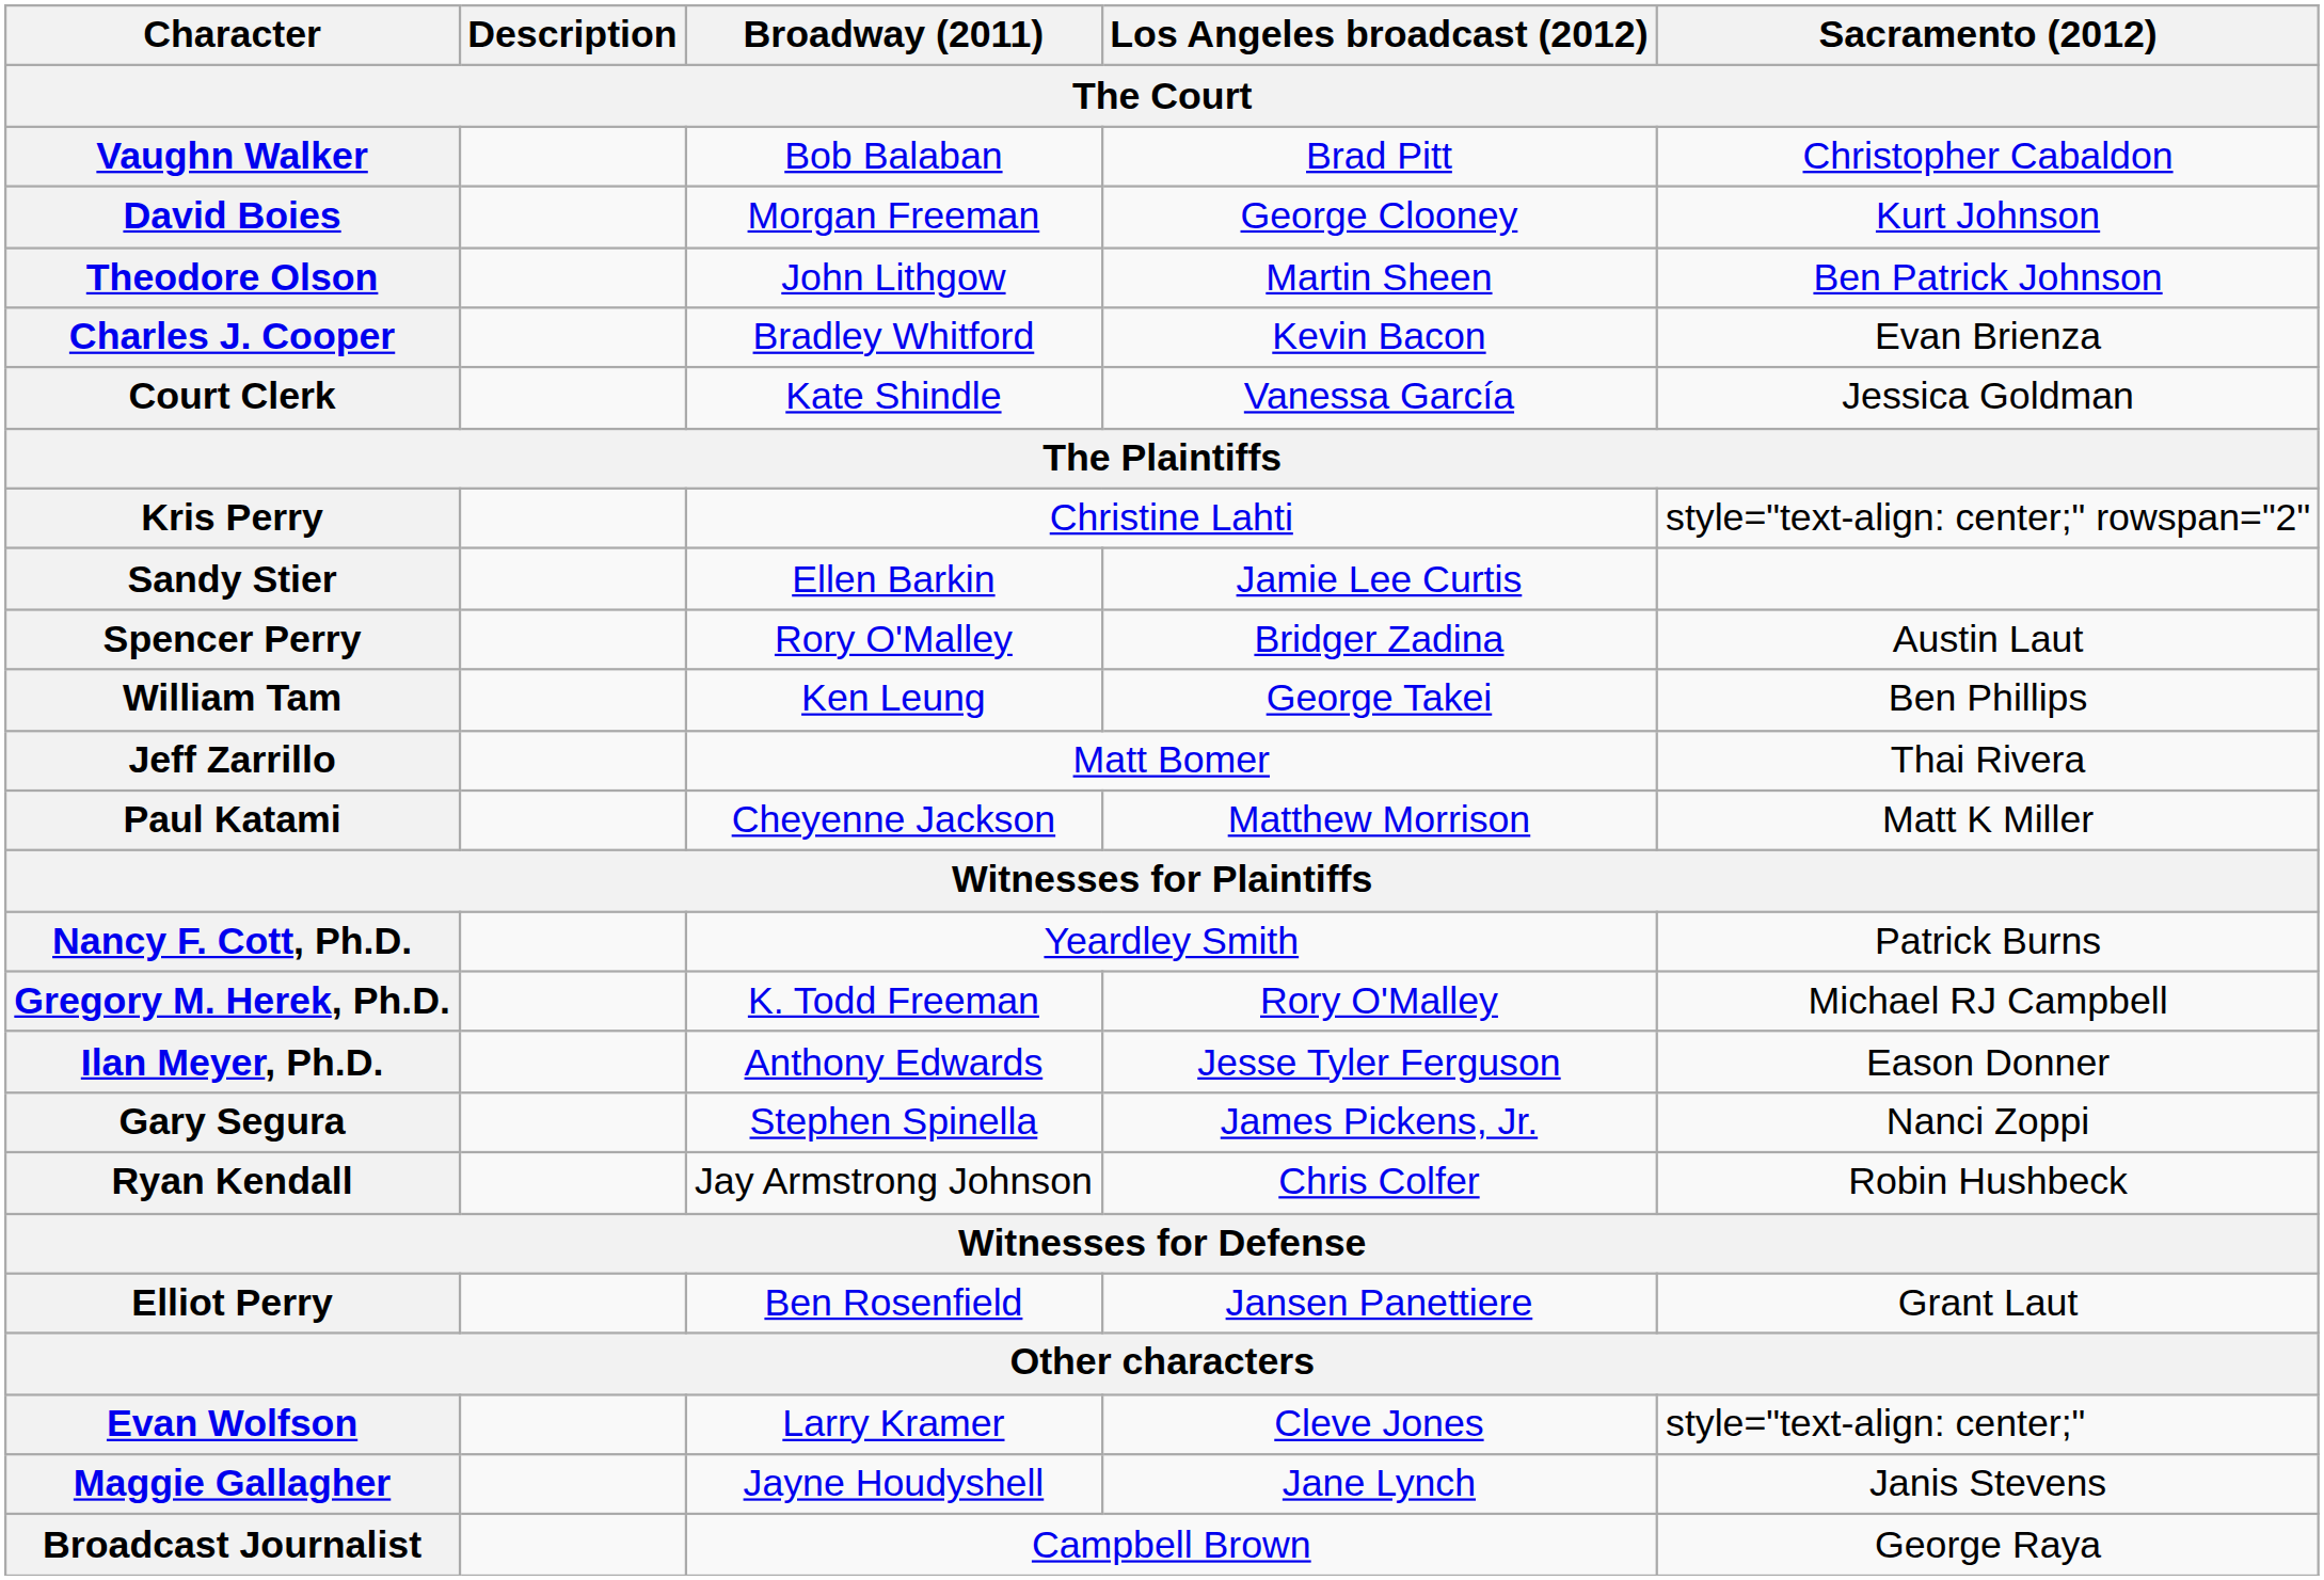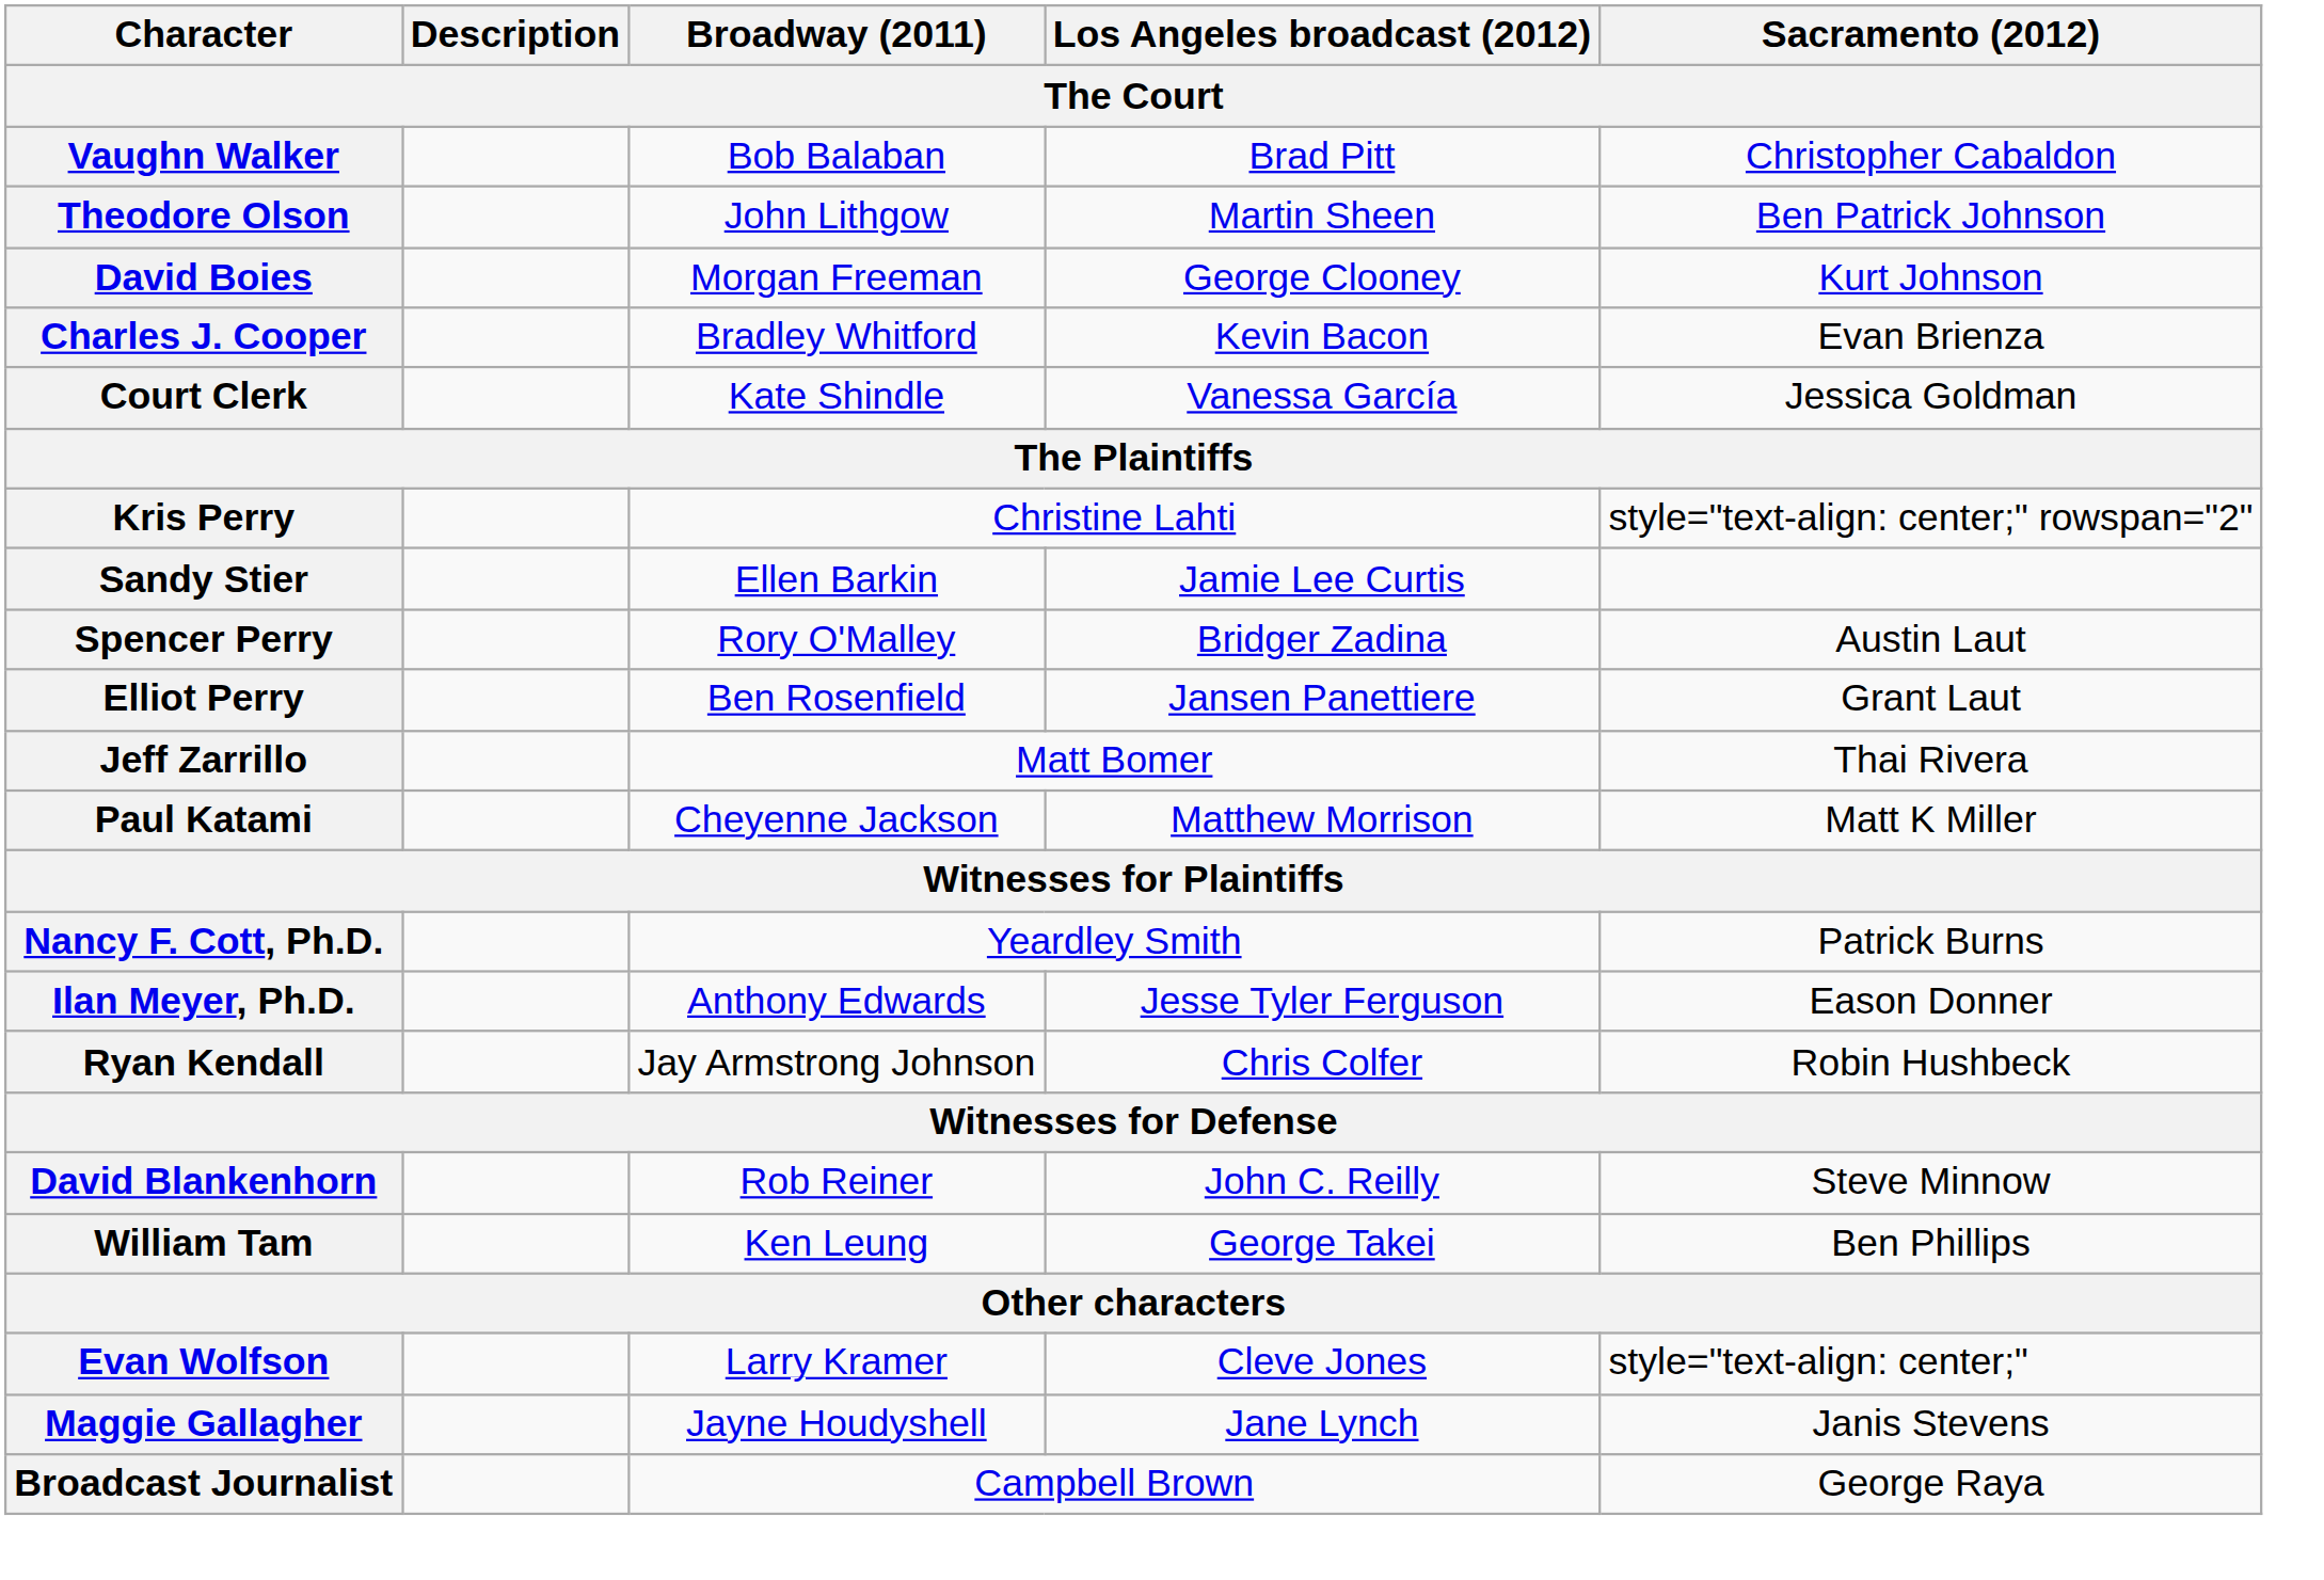 <table class="wikitable">
 <tr>
 <th>Character</th>
 <th>Description</th>
 <th>Broadway (2011)</th>
 <th>Los Angeles broadcast (2012)</th>
 <th>Sacramento (2012)</th>
 </tr>
 <tr>
 <th colspan="5">The Court</th>
 </tr>
 <tr>
 <th><a href='#'>Vaughn Walker</a></th>
 <td></td>
 <td style="text-align: center;"><a href='#'>Bob Balaban</a></td>
 <td style="text-align: center;"><a href='#'>Brad Pitt</a></td>
 <td style="text-align: center;"><a href='#'>Christopher Cabaldon</a></td>
 </tr>
 <tr>
+<th><a href='#'>Theodore Olson</a></th>
+<td></td>
+<td style="text-align: center;"><a href='#'>John Lithgow</a></td>
+<td style="text-align: center;"><a href='#'>Martin Sheen</a></td>
+<td style="text-align: center;"><a href='#'>Ben Patrick Johnson</a></td>
+</tr>
+<tr>
 <th><a href='#'>David Boies</a></th>
 <td></td>
 <td style="text-align: center;"><a href='#'>Morgan Freeman</a></td>
 <td style="text-align: center;"><a href='#'>George Clooney</a></td>
 <td style="text-align: center;"><a href='#'>Kurt Johnson</a></td>
-</tr>
-<tr>
-<th><a href='#'>Theodore Olson</a></th>
-<td></td>
-<td style="text-align: center;"><a href='#'>John Lithgow</a></td>
-<td style="text-align: center;"><a href='#'>Martin Sheen</a></td>
-<td style="text-align: center;"><a href='#'>Ben Patrick Johnson</a></td>
 </tr>
 <tr>
 <th><a href='#'>Charles J. Cooper</a></th>
 <td></td>
 <td style="text-align: center;"><a href='#'>Bradley Whitford</a></td>
 <td style="text-align: center;"><a href='#'>Kevin Bacon</a></td>
 <td style="text-align: center;">Evan Brienza</td>
 </tr>
 <tr>
 <th>Court Clerk</th>
 <td></td>
 <td style="text-align: center;"><a href='#'>Kate Shindle</a></td>
 <td style="text-align: center;"><a href='#'>Vanessa García</a></td>
 <td style="text-align: center;">Jessica Goldman</td>
 </tr>
 <tr>
 <th colspan="5">The Plaintiffs</th>
 </tr>
 <tr>
 <th>Kris Perry</th>
 <td></td>
 <td style="text-align: center;" colspan="2"><a href='#'>Christine Lahti</a></td>
 <td>style="text-align: center;" rowspan="2" </td>
 </tr>
 <tr>
 <th>Sandy Stier</th>
 <td></td>
 <td style="text-align: center;"><a href='#'>Ellen Barkin</a></td>
 <td style="text-align: center;"><a href='#'>Jamie Lee Curtis</a></td>
 </tr>
 <tr>
 <th>Spencer Perry</th>
 <td></td>
 <td style="text-align: center;"><a href='#'>Rory O'Malley</a></td>
 <td style="text-align: center;"><a href='#'>Bridger Zadina</a></td>
 <td style="text-align: center;">Austin Laut</td>
 </tr>
 <tr>
-<th>William Tam</th>
+<th>Elliot Perry</th>
 <td></td>
-<td style="text-align: center;"><a href='#'>Ken Leung</a></td>
-<td style="text-align: center;"><a href='#'>George Takei</a></td>
-<td style="text-align: center;">Ben Phillips</td>
+<td style="text-align: center;"><a href='#'>Ben Rosenfield</a></td>
+<td style="text-align: center;"><a href='#'>Jansen Panettiere</a></td>
+<td style="text-align: center;">Grant Laut</td>
 </tr>
 <tr>
 <th>Jeff Zarrillo</th>
 <td></td>
 <td style="text-align: center;" colspan="2"><a href='#'>Matt Bomer</a></td>
 <td style="text-align: center;">Thai Rivera</td>
 </tr>
 <tr>
 <th>Paul Katami</th>
 <td></td>
 <td style="text-align: center;"><a href='#'>Cheyenne Jackson</a></td>
 <td style="text-align: center;"><a href='#'>Matthew Morrison</a></td>
 <td style="text-align: center;">Matt K Miller</td>
 </tr>
 <tr>
 <th colspan="5">Witnesses for Plaintiffs</th>
 </tr>
 <tr>
 <th><a href='#'>Nancy F. Cott</a>, Ph.D.</th>
 <td></td>
 <td style="text-align: center;" colspan="2"><a href='#'>Yeardley Smith</a></td>
 <td style="text-align: center;">Patrick Burns</td>
 </tr>
 <tr>
-<th><a href='#'>Gregory M. Herek</a>, Ph.D.</th>
-<td></td>
-<td style="text-align: center;"><a href='#'>K. Todd Freeman</a></td>
-<td style="text-align: center;"><a href='#'>Rory O'Malley</a></td>
-<td style="text-align: center;">Michael RJ Campbell</td>
-</tr>
-<tr>
 <th><a href='#'>Ilan Meyer</a>, Ph.D.</th>
 <td></td>
 <td style="text-align: center;"><a href='#'>Anthony Edwards</a></td>
 <td style="text-align: center;"><a href='#'>Jesse Tyler Ferguson</a></td>
 <td style="text-align: center;">Eason Donner</td>
-</tr>
-<tr>
-<th>Gary Segura</th>
-<td></td>
-<td style="text-align: center;"><a href='#'>Stephen Spinella</a></td>
-<td style="text-align: center;"><a href='#'>James Pickens, Jr.</a></td>
-<td style="text-align: center;">Nanci Zoppi</td>
 </tr>
 <tr>
 <th>Ryan Kendall</th>
 <td></td>
 <td style="text-align: center;">Jay Armstrong Johnson</td>
 <td style="text-align: center;"><a href='#'>Chris Colfer</a></td>
 <td style="text-align: center;">Robin Hushbeck</td>
 </tr>
 <tr>
 <th colspan="5">Witnesses for Defense</th>
 </tr>
 <tr>
-<th>Elliot Perry</th>
+<th><a href='#'>David Blankenhorn</a></th>
 <td></td>
-<td style="text-align: center;"><a href='#'>Ben Rosenfield</a></td>
-<td style="text-align: center;"><a href='#'>Jansen Panettiere</a></td>
-<td style="text-align: center;">Grant Laut</td>
+<td style="text-align: center;"><a href='#'>Rob Reiner</a></td>
+<td style="text-align: center;"><a href='#'>John C. Reilly</a></td>
+<td style="text-align: center;">Steve Minnow</td>
+</tr>
+<tr>
+<th>William Tam</th>
+<td></td>
+<td style="text-align: center;"><a href='#'>Ken Leung</a></td>
+<td style="text-align: center;"><a href='#'>George Takei</a></td>
+<td style="text-align: center;">Ben Phillips</td>
 </tr>
 <tr>
 <th colspan="5">Other characters</th>
 </tr>
 <tr>
 <th><a href='#'>Evan Wolfson</a></th>
 <td></td>
 <td style="text-align: center;"><a href='#'>Larry Kramer</a></td>
 <td style="text-align: center;"><a href='#'>Cleve Jones</a></td>
 <td>style="text-align: center;" </td>
 </tr>
 <tr>
 <th><a href='#'>Maggie Gallagher</a></th>
 <td></td>
 <td style="text-align: center;"><a href='#'>Jayne Houdyshell</a></td>
 <td style="text-align: center;"><a href='#'>Jane Lynch</a></td>
 <td style="text-align: center;">Janis Stevens</td>
 </tr>
 <tr>
 <th>Broadcast Journalist</th>
 <td></td>
 <td style="text-align: center;" colspan="2"><a href='#'>Campbell Brown</a></td>
 <td style="text-align: center;">George Raya</td>
 </tr>
 </table>
